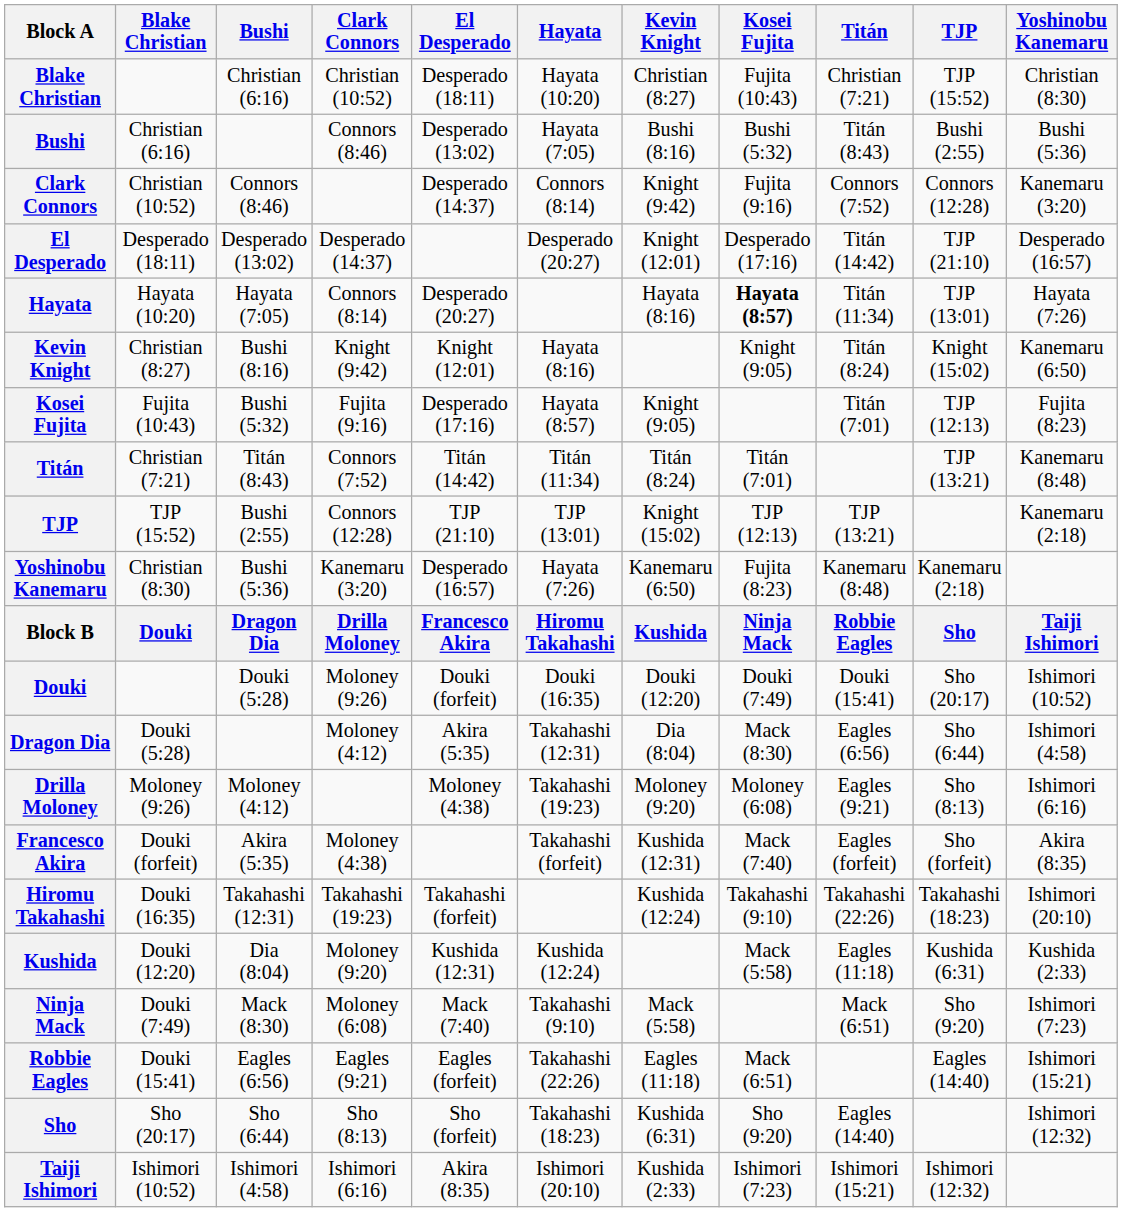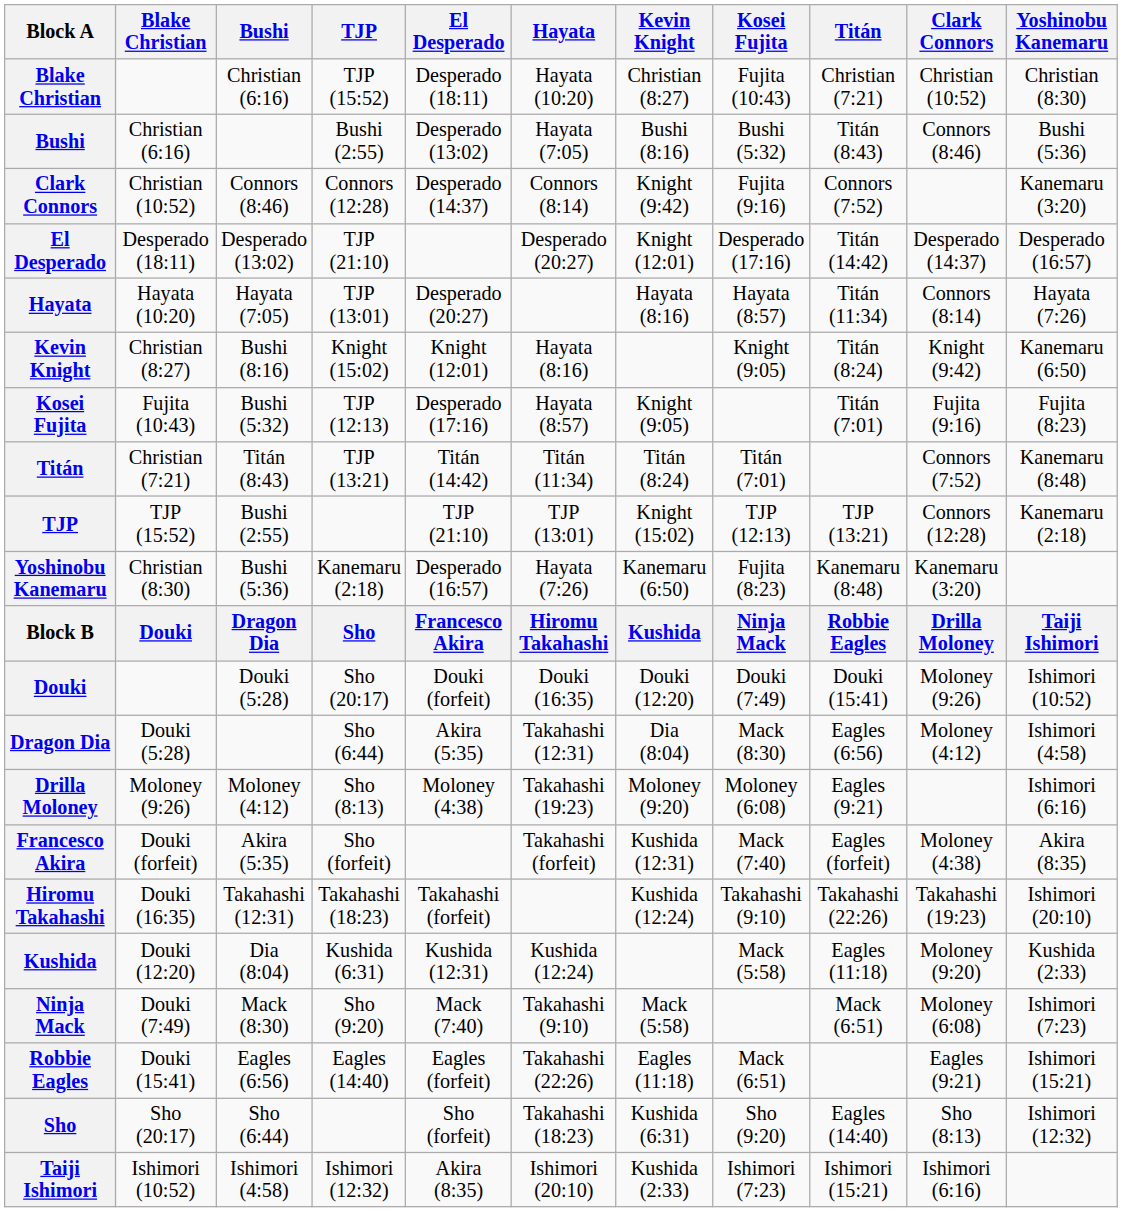 <table class="wikitable" style="margin: 1em auto 1em auto">
 <tr align="center">
 <th>Block A</th>
 <th><a href='#'>Blake Christian</a></th>
 <th><a href='#'>Bushi</a></th>
-<th><a href='#'>Clark Connors</a></th>
+<th><a href='#'>TJP</a></th>
 <th><a href='#'>El Desperado</a></th>
 <th><a href='#'>Hayata</a></th>
 <th><a href='#'>Kevin Knight</a></th>
 <th><a href='#'>Kosei Fujita</a></th>
 <th><a href='#'>Titán</a></th>
-<th><a href='#'>TJP</a></th>
+<th><a href='#'>Clark Connors</a></th>
 <th><a href='#'>Yoshinobu Kanemaru</a></th>
 </tr>
 <tr align="center">
 <th><a href='#'>Blake Christian</a></th>
 <td></td>
 <td>Christian<br>(6:16)</td>
-<td>Christian<br>(10:52)</td>
+<td>TJP<br>(15:52)</td>
 <td>Desperado<br>(18:11)</td>
 <td>Hayata<br>(10:20)</td>
 <td>Christian<br>(8:27)</td>
 <td>Fujita<br>(10:43)</td>
 <td>Christian<br>(7:21)</td>
-<td>TJP<br>(15:52)</td>
+<td>Christian<br>(10:52)</td>
 <td>Christian<br>(8:30)</td>
 </tr>
 <tr align="center">
 <th><a href='#'>Bushi</a></th>
 <td>Christian<br>(6:16)</td>
 <td></td>
-<td>Connors<br>(8:46)</td>
+<td>Bushi<br>(2:55)</td>
 <td>Desperado<br>(13:02)</td>
 <td>Hayata<br>(7:05)</td>
 <td>Bushi<br>(8:16)</td>
 <td>Bushi<br>(5:32)</td>
 <td>Titán<br>(8:43)</td>
-<td>Bushi<br>(2:55)</td>
+<td>Connors<br>(8:46)</td>
 <td>Bushi<br>(5:36)</td>
 </tr>
 <tr align="center">
 <th><a href='#'>Clark Connors</a></th>
 <td>Christian<br>(10:52)</td>
 <td>Connors<br>(8:46)</td>
-<td></td>
+<td>Connors<br>(12:28)</td>
 <td>Desperado<br>(14:37)</td>
 <td>Connors<br>(8:14)</td>
 <td>Knight<br>(9:42)</td>
 <td>Fujita<br>(9:16)</td>
 <td>Connors<br>(7:52)</td>
-<td>Connors<br>(12:28)</td>
+<td></td>
 <td>Kanemaru<br>(3:20)</td>
 </tr>
 <tr align="center">
 <th><a href='#'>El Desperado</a></th>
 <td>Desperado<br>(18:11)</td>
 <td>Desperado<br>(13:02)</td>
-<td>Desperado<br>(14:37)</td>
+<td>TJP<br>(21:10)</td>
 <td></td>
 <td>Desperado<br>(20:27)</td>
 <td>Knight<br>(12:01)</td>
 <td>Desperado<br>(17:16)</td>
 <td>Titán<br>(14:42)</td>
-<td>TJP<br>(21:10)</td>
+<td>Desperado<br>(14:37)</td>
 <td>Desperado<br>(16:57)</td>
 </tr>
 <tr align="center">
 <th><a href='#'>Hayata</a></th>
 <td>Hayata<br>(10:20)</td>
 <td>Hayata<br>(7:05)</td>
-<td>Connors<br>(8:14)</td>
+<td>TJP<br>(13:01)</td>
 <td>Desperado<br>(20:27)</td>
 <td></td>
 <td>Hayata<br>(8:16)</td>
-<td><strong>Hayata<br>(8:57)</strong></td>
+<td>Hayata<br>(8:57)</td>
 <td>Titán<br>(11:34)</td>
-<td>TJP<br>(13:01)</td>
+<td>Connors<br>(8:14)</td>
 <td>Hayata<br>(7:26)</td>
 </tr>
 <tr align="center">
 <th><a href='#'>Kevin Knight</a></th>
 <td>Christian<br>(8:27)</td>
 <td>Bushi<br>(8:16)</td>
-<td>Knight<br>(9:42)</td>
+<td>Knight<br>(15:02)</td>
 <td>Knight<br>(12:01)</td>
 <td>Hayata<br>(8:16)</td>
 <td></td>
 <td>Knight<br>(9:05)</td>
 <td>Titán<br>(8:24)</td>
-<td>Knight<br>(15:02)</td>
+<td>Knight<br>(9:42)</td>
 <td>Kanemaru<br>(6:50)</td>
 </tr>
 <tr align="center">
 <th><a href='#'>Kosei Fujita</a></th>
 <td>Fujita<br>(10:43)</td>
 <td>Bushi<br>(5:32)</td>
-<td>Fujita<br>(9:16)</td>
+<td>TJP<br>(12:13)</td>
 <td>Desperado<br>(17:16)</td>
 <td>Hayata<br>(8:57)</td>
 <td>Knight<br>(9:05)</td>
 <td></td>
 <td>Titán<br>(7:01)</td>
-<td>TJP<br>(12:13)</td>
+<td>Fujita<br>(9:16)</td>
 <td>Fujita<br>(8:23)</td>
 </tr>
 <tr align="center">
 <th><a href='#'>Titán</a></th>
 <td>Christian<br>(7:21)</td>
 <td>Titán<br>(8:43)</td>
-<td>Connors<br>(7:52)</td>
+<td>TJP<br>(13:21)</td>
 <td>Titán<br>(14:42)</td>
 <td>Titán<br>(11:34)</td>
 <td>Titán<br>(8:24)</td>
 <td>Titán<br>(7:01)</td>
 <td></td>
-<td>TJP<br>(13:21)</td>
+<td>Connors<br>(7:52)</td>
 <td>Kanemaru<br>(8:48)</td>
 </tr>
 <tr align="center">
 <th><a href='#'>TJP</a></th>
 <td>TJP<br>(15:52)</td>
 <td>Bushi<br>(2:55)</td>
-<td>Connors<br>(12:28)</td>
+<td></td>
 <td>TJP<br>(21:10)</td>
 <td>TJP<br>(13:01)</td>
 <td>Knight<br>(15:02)</td>
 <td>TJP<br>(12:13)</td>
 <td>TJP<br>(13:21)</td>
-<td></td>
+<td>Connors<br>(12:28)</td>
 <td>Kanemaru<br>(2:18)</td>
 </tr>
 <tr align="center">
 <th><a href='#'>Yoshinobu Kanemaru</a></th>
 <td>Christian<br>(8:30)</td>
 <td>Bushi<br>(5:36)</td>
-<td>Kanemaru<br>(3:20)</td>
+<td>Kanemaru<br>(2:18)</td>
 <td>Desperado<br>(16:57)</td>
 <td>Hayata<br>(7:26)</td>
 <td>Kanemaru<br>(6:50)</td>
 <td>Fujita<br>(8:23)</td>
 <td>Kanemaru<br>(8:48)</td>
-<td>Kanemaru<br>(2:18)</td>
+<td>Kanemaru<br>(3:20)</td>
 <td></td>
 </tr>
 <tr align="center">
 <th>Block B</th>
 <th><a href='#'>Douki</a></th>
 <th><a href='#'>Dragon Dia</a></th>
-<th><a href='#'>Drilla Moloney</a></th>
+<th><a href='#'>Sho</a></th>
 <th><a href='#'>Francesco Akira</a></th>
 <th><a href='#'>Hiromu Takahashi</a></th>
 <th><a href='#'>Kushida</a></th>
 <th><a href='#'>Ninja Mack</a></th>
 <th><a href='#'>Robbie Eagles</a></th>
-<th><a href='#'>Sho</a></th>
+<th><a href='#'>Drilla Moloney</a></th>
 <th><a href='#'>Taiji Ishimori</a></th>
 </tr>
 <tr align="center">
 <th><a href='#'>Douki</a></th>
 <td></td>
 <td>Douki<br>(5:28)</td>
-<td>Moloney<br>(9:26)</td>
+<td>Sho<br>(20:17)</td>
 <td>Douki<br>(forfeit)</td>
 <td>Douki<br>(16:35)</td>
 <td>Douki<br>(12:20)</td>
 <td>Douki<br>(7:49)</td>
 <td>Douki<br>(15:41)</td>
-<td>Sho<br>(20:17)</td>
+<td>Moloney<br>(9:26)</td>
 <td>Ishimori<br>(10:52)</td>
 </tr>
 <tr align="center">
 <th><a href='#'>Dragon Dia</a></th>
 <td>Douki<br>(5:28)</td>
 <td></td>
-<td>Moloney<br>(4:12)</td>
+<td>Sho<br>(6:44)</td>
 <td>Akira<br>(5:35)</td>
 <td>Takahashi<br>(12:31)</td>
 <td>Dia<br>(8:04)</td>
 <td>Mack<br>(8:30)</td>
 <td>Eagles<br>(6:56)</td>
-<td>Sho<br>(6:44)</td>
+<td>Moloney<br>(4:12)</td>
 <td>Ishimori<br>(4:58)</td>
 </tr>
 <tr align="center">
 <th><a href='#'>Drilla Moloney</a></th>
 <td>Moloney<br>(9:26)</td>
 <td>Moloney<br>(4:12)</td>
-<td></td>
+<td>Sho<br>(8:13)</td>
 <td>Moloney<br>(4:38)</td>
 <td>Takahashi<br>(19:23)</td>
 <td>Moloney<br>(9:20)</td>
 <td>Moloney<br>(6:08)</td>
 <td>Eagles<br>(9:21)</td>
-<td>Sho<br>(8:13)</td>
+<td></td>
 <td>Ishimori<br>(6:16)</td>
 </tr>
 <tr align="center">
 <th><a href='#'>Francesco Akira</a></th>
 <td>Douki<br>(forfeit)</td>
 <td>Akira<br>(5:35)</td>
-<td>Moloney<br>(4:38)</td>
+<td>Sho<br>(forfeit)</td>
 <td></td>
 <td>Takahashi<br>(forfeit)</td>
 <td>Kushida<br>(12:31)</td>
 <td>Mack<br>(7:40)</td>
 <td>Eagles<br>(forfeit)</td>
-<td>Sho<br>(forfeit)</td>
+<td>Moloney<br>(4:38)</td>
 <td>Akira<br>(8:35)</td>
 </tr>
 <tr align="center">
 <th><a href='#'>Hiromu Takahashi</a></th>
 <td>Douki<br>(16:35)</td>
 <td>Takahashi<br>(12:31)</td>
-<td>Takahashi<br>(19:23)</td>
+<td>Takahashi<br>(18:23)</td>
 <td>Takahashi<br>(forfeit)</td>
 <td></td>
 <td>Kushida<br>(12:24)</td>
 <td>Takahashi<br>(9:10)</td>
 <td>Takahashi<br>(22:26)</td>
-<td>Takahashi<br>(18:23)</td>
+<td>Takahashi<br>(19:23)</td>
 <td>Ishimori<br>(20:10)</td>
 </tr>
 <tr align="center">
 <th><a href='#'>Kushida</a></th>
 <td>Douki<br>(12:20)</td>
 <td>Dia<br>(8:04)</td>
-<td>Moloney<br>(9:20)</td>
+<td>Kushida<br>(6:31)</td>
 <td>Kushida<br>(12:31)</td>
 <td>Kushida<br>(12:24)</td>
 <td></td>
 <td>Mack<br>(5:58)</td>
 <td>Eagles<br>(11:18)</td>
-<td>Kushida<br>(6:31)</td>
+<td>Moloney<br>(9:20)</td>
 <td>Kushida<br>(2:33)</td>
 </tr>
 <tr align="center">
 <th><a href='#'>Ninja Mack</a></th>
 <td>Douki<br>(7:49)</td>
 <td>Mack<br>(8:30)</td>
-<td>Moloney<br>(6:08)</td>
+<td>Sho<br>(9:20)</td>
 <td>Mack<br>(7:40)</td>
 <td>Takahashi<br>(9:10)</td>
 <td>Mack<br>(5:58)</td>
 <td></td>
 <td>Mack<br>(6:51)</td>
-<td>Sho<br>(9:20)</td>
+<td>Moloney<br>(6:08)</td>
 <td>Ishimori<br>(7:23)</td>
 </tr>
 <tr align="center">
 <th><a href='#'>Robbie Eagles</a></th>
 <td>Douki<br>(15:41)</td>
 <td>Eagles<br>(6:56)</td>
-<td>Eagles<br>(9:21)</td>
+<td>Eagles<br>(14:40)</td>
 <td>Eagles<br>(forfeit)</td>
 <td>Takahashi<br>(22:26)</td>
 <td>Eagles<br>(11:18)</td>
 <td>Mack<br>(6:51)</td>
 <td></td>
-<td>Eagles<br>(14:40)</td>
+<td>Eagles<br>(9:21)</td>
 <td>Ishimori<br>(15:21)</td>
 </tr>
 <tr align="center">
 <th><a href='#'>Sho</a></th>
 <td>Sho<br>(20:17)</td>
 <td>Sho<br>(6:44)</td>
-<td>Sho<br>(8:13)</td>
+<td></td>
 <td>Sho<br>(forfeit)</td>
 <td>Takahashi<br>(18:23)</td>
 <td>Kushida<br>(6:31)</td>
 <td>Sho<br>(9:20)</td>
 <td>Eagles<br>(14:40)</td>
-<td></td>
+<td>Sho<br>(8:13)</td>
 <td>Ishimori<br>(12:32)</td>
 </tr>
 <tr align="center">
 <th><a href='#'>Taiji Ishimori</a></th>
 <td>Ishimori<br>(10:52)</td>
 <td>Ishimori<br>(4:58)</td>
-<td>Ishimori<br>(6:16)</td>
+<td>Ishimori<br>(12:32)</td>
 <td>Akira<br>(8:35)</td>
 <td>Ishimori<br>(20:10)</td>
 <td>Kushida<br>(2:33)</td>
 <td>Ishimori<br>(7:23)</td>
 <td>Ishimori<br>(15:21)</td>
-<td>Ishimori<br>(12:32)</td>
+<td>Ishimori<br>(6:16)</td>
 <td></td>
 </tr>
 </table>
